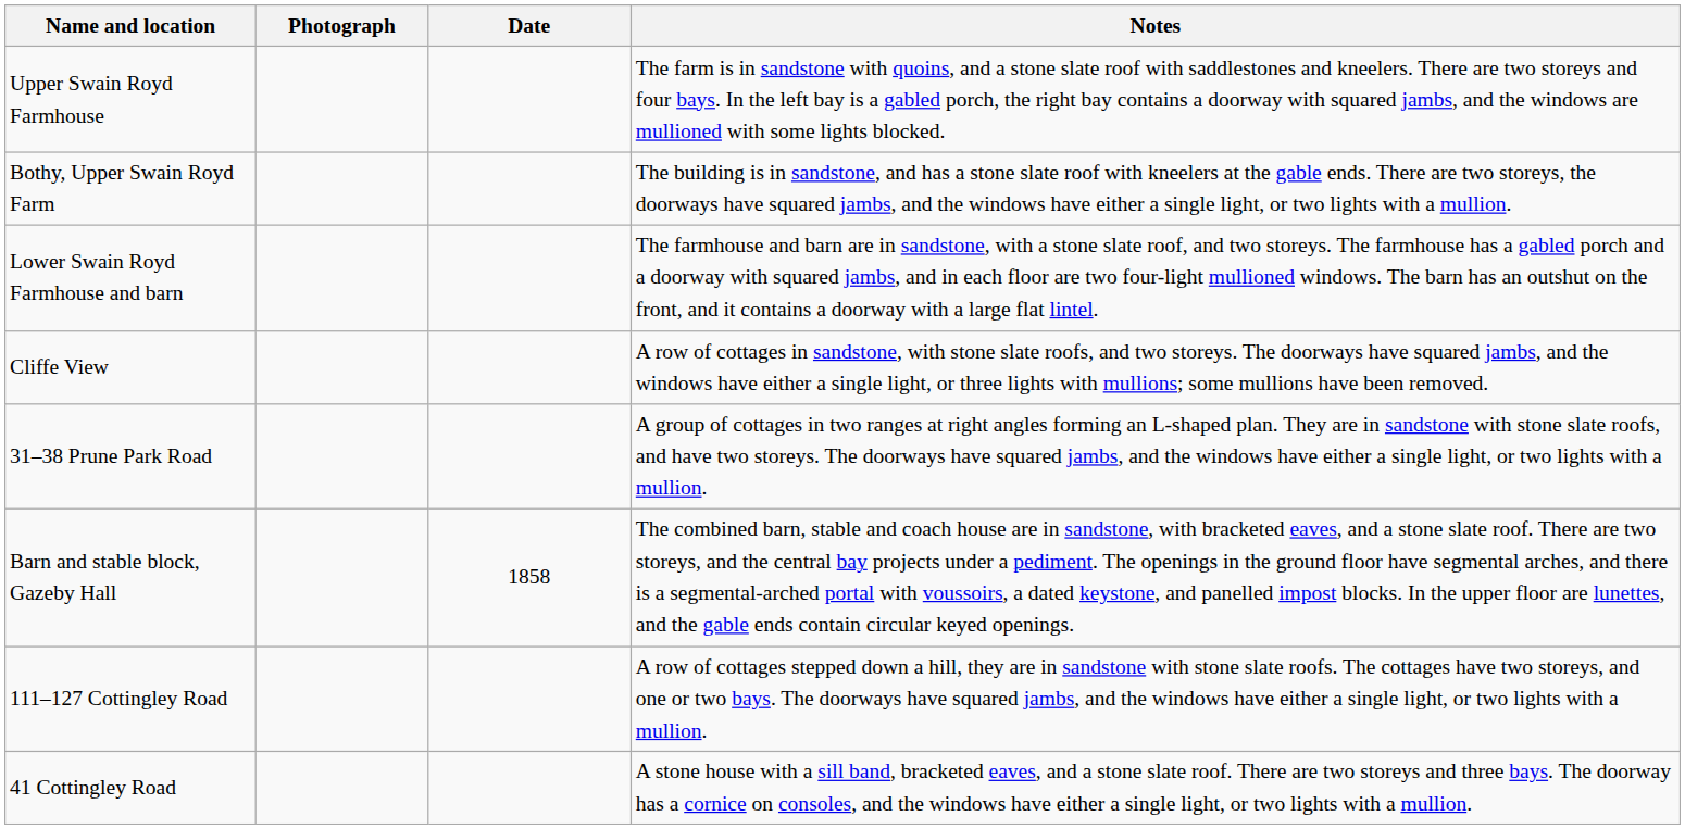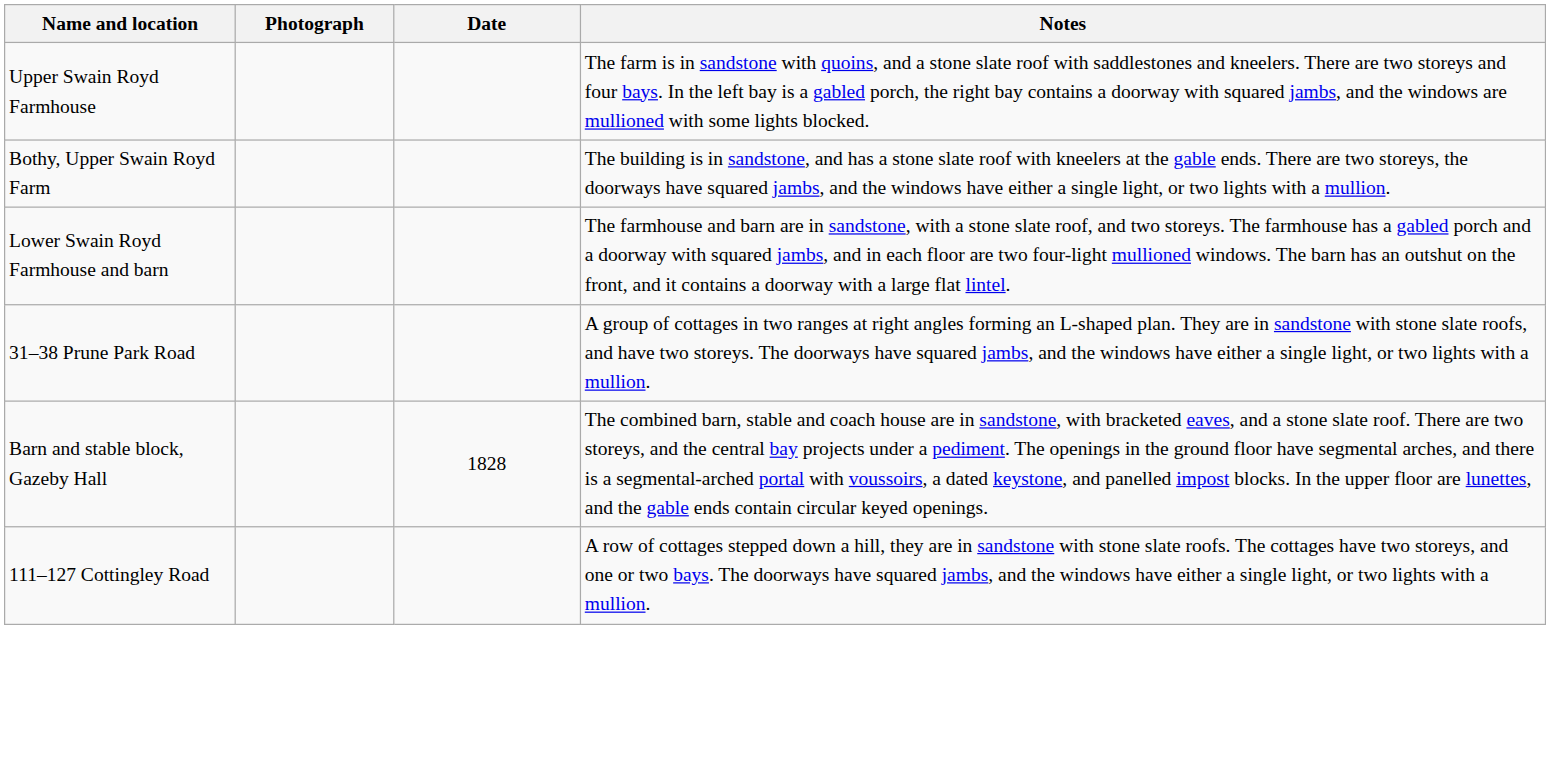 <table class="wikitable sortable plainrowheaders" style="width:100%;border:0px;text-align:left;line-height:150%;">
 <tr>
 <th scope="col"  style="width:150px">Name and location</th>
 <th scope="col"  style="width:100px" class="unsortable">Photograph</th>
 <th scope="col"  style="width:120px">Date</th>
 <th scope="col"  style="width:650px" class="unsortable">Notes</th>
 </tr>
 <tr>
 <td>Upper Swain Royd Farmhouse<br><small></small></td>
 <td></td>
 <td align="center"></td>
 <td>The farm is in <a href='#'>sandstone</a> with <a href='#'>quoins</a>, and a stone slate roof with saddlestones and kneelers.  There are two storeys and four <a href='#'>bays</a>.  In the left bay is a <a href='#'>gabled</a> porch, the right bay contains a doorway with squared <a href='#'>jambs</a>, and the windows are <a href='#'>mullioned</a> with some lights blocked.</td>
 </tr>
 <tr>
 <td>Bothy, Upper Swain Royd Farm<br><small></small></td>
 <td></td>
 <td align="center"></td>
 <td>The building is in <a href='#'>sandstone</a>, and has a stone slate roof with kneelers at the <a href='#'>gable</a> ends.  There are two storeys, the doorways have squared <a href='#'>jambs</a>, and the windows have either a single light, or two lights with a <a href='#'>mullion</a>.</td>
 </tr>
 <tr>
 <td>Lower Swain Royd Farmhouse and barn<br><small></small></td>
 <td></td>
 <td align="center"></td>
 <td>The farmhouse and barn are in <a href='#'>sandstone</a>, with a stone slate roof, and two storeys.  The farmhouse has a <a href='#'>gabled</a> porch and a doorway with squared <a href='#'>jambs</a>, and in each floor are two four-light <a href='#'>mullioned</a> windows.  The barn has an outshut on the front, and it contains a doorway with a large flat <a href='#'>lintel</a>.</td>
 </tr>
 <tr>
-<td>Cliffe View<br><small></small></td>
-<td></td>
-<td align="center"></td>
-<td>A row of cottages in <a href='#'>sandstone</a>, with stone slate roofs, and two storeys.  The doorways have squared <a href='#'>jambs</a>, and the windows have either a single light, or three lights with <a href='#'>mullions</a>; some mullions have been removed.</td>
-</tr>
-<tr>
 <td>31–38 Prune Park Road<br><small></small></td>
 <td></td>
 <td align="center"></td>
 <td>A group of cottages in two ranges at right angles forming an L-shaped plan.  They are in <a href='#'>sandstone</a> with stone slate roofs, and have two storeys.  The doorways have squared <a href='#'>jambs</a>, and the windows have either a single light, or two lights with a <a href='#'>mullion</a>.</td>
 </tr>
 <tr>
 <td>Barn and stable block, Gazeby Hall<br><small></small></td>
 <td></td>
-<td align="center">1858</td>
+<td align="center">1828</td>
 <td>The combined barn, stable and coach house are in <a href='#'>sandstone</a>, with bracketed <a href='#'>eaves</a>, and a stone slate roof.  There are two storeys, and the central <a href='#'>bay</a> projects under a <a href='#'>pediment</a>.  The openings in the ground floor have segmental arches, and there is a segmental-arched <a href='#'>portal</a> with <a href='#'>voussoirs</a>, a dated <a href='#'>keystone</a>, and panelled <a href='#'>impost</a> blocks.  In the upper floor are <a href='#'>lunettes</a>, and the <a href='#'>gable</a> ends contain circular keyed openings.</td>
 </tr>
 <tr>
 <td>111–127 Cottingley Road<br><small></small></td>
 <td></td>
 <td align="center"></td>
 <td>A row of cottages stepped down a hill, they are in <a href='#'>sandstone</a> with stone slate roofs.  The cottages have two storeys, and one or two <a href='#'>bays</a>.  The doorways have squared <a href='#'>jambs</a>, and the windows have either a single light, or two lights with a <a href='#'>mullion</a>.</td>
 </tr>
 <tr>
-<td>41 Cottingley Road<br><small></small></td>
-<td></td>
-<td align="center"></td>
-<td>A stone house with a <a href='#'>sill band</a>, bracketed <a href='#'>eaves</a>, and a stone slate roof.  There are two storeys and three <a href='#'>bays</a>.  The doorway has a <a href='#'>cornice</a> on <a href='#'>consoles</a>, and the windows have either a single light, or two lights with a <a href='#'>mullion</a>.</td>
-</tr>
-<tr>
 </tr>
 </table>
